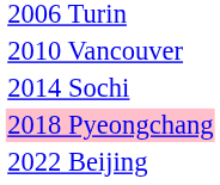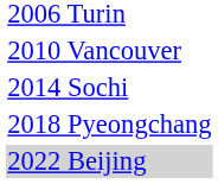 <table>
 <tr>
 <td><a href='#'>2006 Turin</a><br></td>
 <td></td>
 <td></td>
 <td></td>
 </tr>
 <tr>
 <td><a href='#'>2010 Vancouver</a><br></td>
 <td></td>
 <td></td>
 <td></td>
 </tr>
 <tr>
 <td><a href='#'>2014 Sochi</a><br></td>
 <td></td>
 <td></td>
 <td></td>
 </tr>
 <tr>
-<td style="background: pink;"><a href='#'>2018 Pyeongchang</a><br></td>
+<td><a href='#'>2018 Pyeongchang</a><br></td>
 <td></td>
 <td></td>
 <td></td>
 </tr>
 <tr>
-<td><a href='#'>2022 Beijing</a><br></td>
+<td style="background: lightgrey;"><a href='#'>2022 Beijing</a><br></td>
 <td></td>
 <td></td>
 <td></td>
 </tr>
 <tr>
 </tr>
 </table>
